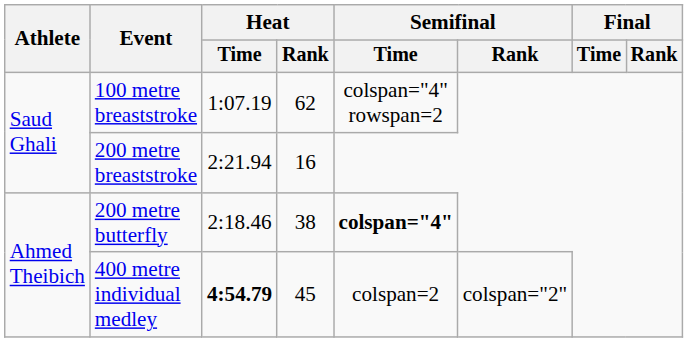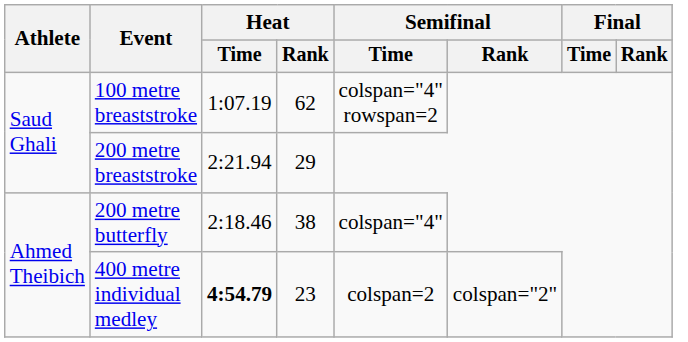 <table class="wikitable" style="text-align:center; font-size:90%; width:50%;">
 <tr>
 <th rowspan="2">Athlete</th>
 <th rowspan="2">Event</th>
 <th colspan="2">Heat</th>
 <th colspan="2">Semifinal</th>
 <th colspan="2">Final</th>
 </tr>
 <tr style="font-size:95%">
 <th>Time</th>
 <th>Rank</th>
 <th>Time</th>
 <th>Rank</th>
 <th>Time</th>
 <th>Rank</th>
 </tr>
 <tr align=center>
 <td align=left rowspan="2"><a href='#'>Saud Ghali</a></td>
 <td align=left><a href='#'>100 metre breaststroke</a></td>
 <td>1:07.19</td>
 <td>62</td>
 <td>colspan="4" rowspan=2 </td>
 </tr>
 <tr align=center>
 <td align=left><a href='#'>200 metre breaststroke</a></td>
 <td>2:21.94</td>
-<td>16</td>
+<td>29</td>
 </tr>
 <tr align=center>
 <td align=left rowspan="2"><a href='#'>Ahmed Theibich</a></td>
 <td align=left><a href='#'>200 metre butterfly</a></td>
 <td>2:18.46</td>
 <td>38</td>
-<td><strong>colspan="4" </strong></td>
+<td>colspan="4" </td>
 </tr>
 <tr align=center>
 <td align=left><a href='#'>400 metre individual medley</a></td>
 <td><strong>4:54.79</strong></td>
-<td>45</td>
+<td>23</td>
 <td>colspan=2 </td>
 <td>colspan="2" </td>
 </tr>
 </table>
